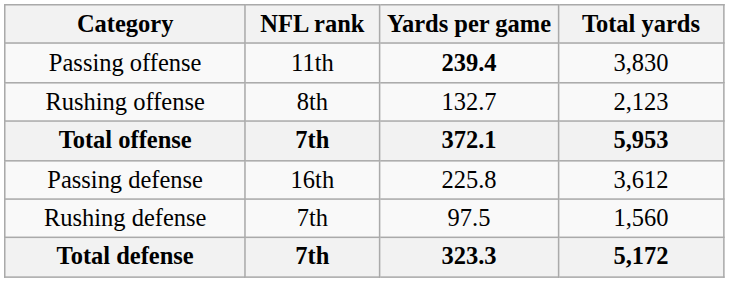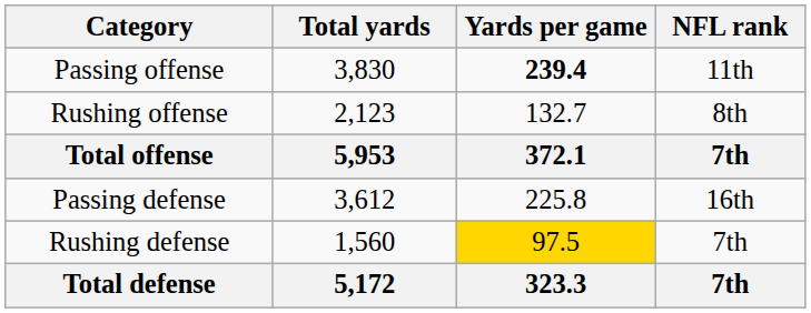 <table class="wikitable" style="text-align:center">
 <tr>
 <th width="150">Category</th>
+<th width="100">Total yards</th>
+<th width="110">Yards per game</th>
 <th width="80">NFL rank<br></th>
-<th width="110">Yards per game</th>
-<th width="100">Total yards</th>
 </tr>
 <tr>
 <td>Passing offense</td>
+<td>3,830</td>
+<td><strong>239.4</strong></td>
 <td>11th</td>
-<td><strong>239.4</strong></td>
-<td>3,830</td>
 </tr>
 <tr>
 <td>Rushing offense</td>
+<td>2,123</td>
+<td>132.7</td>
 <td>8th</td>
-<td>132.7</td>
-<td>2,123</td>
 </tr>
 <tr>
 <th>Total offense</th>
+<th>5,953</th>
+<th>372.1</th>
 <th>7th</th>
-<th>372.1</th>
-<th>5,953</th>
 </tr>
 <tr>
 <td>Passing defense</td>
+<td>3,612</td>
+<td>225.8</td>
 <td>16th</td>
-<td>225.8</td>
-<td>3,612</td>
 </tr>
 <tr>
 <td>Rushing defense</td>
+<td>1,560</td>
+<td style="background: gold;">97.5</td>
 <td>7th</td>
-<td>97.5</td>
-<td>1,560</td>
 </tr>
 <tr>
 <th>Total defense</th>
+<th>5,172</th>
+<th>323.3</th>
 <th>7th</th>
-<th>323.3</th>
-<th>5,172</th>
 </tr>
 </table>
